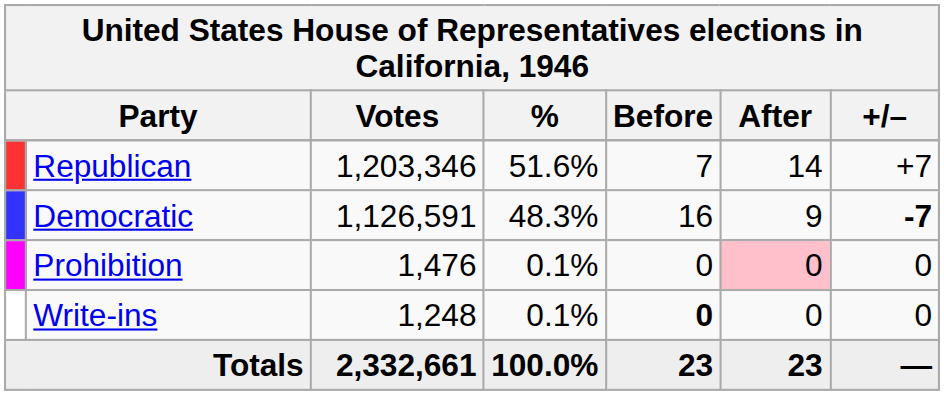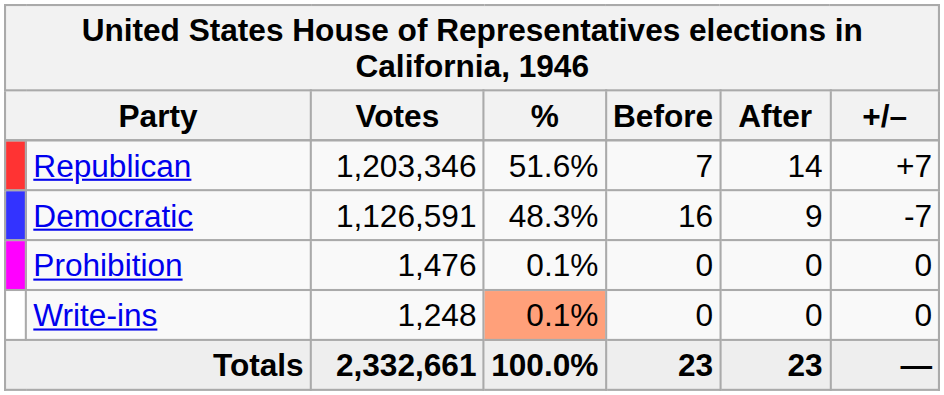 <table class="wikitable" style="font-size: 95%;">
 <tr>
 <th colspan="7">United States House of Representatives elections in California, 1946</th>
 </tr>
 <tr>
 <th colspan=2 style="width: 5em">Party</th>
 <th style="width: 5em">Votes</th>
 <th style="width: 3em">%</th>
 <th style="width: 3em">Before</th>
 <th style="width: 3em">After</th>
 <th style="width: 3em">+/–</th>
 </tr>
 <tr>
 </tr>
 <tr>
 <th style="background-color:#FF3333; width: 3px"></th>
 <td style="width: 130px"><a href='#'>Republican</a></td>
 <td align="right">1,203,346</td>
 <td align="right">51.6%</td>
 <td align="right">7</td>
 <td align="right">14</td>
 <td align="right">+7</td>
 </tr>
 <tr>
 <th style="background-color:#3333FF; width: 3px"></th>
 <td style="width: 130px"><a href='#'>Democratic</a></td>
 <td align="right">1,126,591</td>
 <td align="right">48.3%</td>
 <td align="right">16</td>
 <td align="right">9</td>
-<td align="right"><strong>-7</strong></td>
+<td align="right">-7</td>
 </tr>
 <tr>
 <th style="background-color:#FF00FF; width: 3px"></th>
 <td style="width: 130px"><a href='#'>Prohibition</a></td>
 <td align="right">1,476</td>
 <td align="right">0.1%</td>
 <td align="right">0</td>
-<td align="right" style="background: pink;">0</td>
+<td align="right">0</td>
 <td align="right">0</td>
 </tr>
 <tr>
 <th style="background-color:#FFFFFF; width: 3px"></th>
 <td style="width: 130px"><a href='#'>Write-ins</a></td>
 <td align="right">1,248</td>
-<td align="right">0.1%</td>
-<td align="right"><strong>0</strong></td>
+<td align="right" style="background: lightsalmon;">0.1%</td>
+<td align="right">0</td>
 <td align="right">0</td>
 <td align="right">0</td>
 </tr>
 <tr bgcolor="#EEEEEE">
 <td colspan="2" align="right"><strong>Totals</strong></td>
 <td align="right"><strong>2,332,661</strong></td>
 <td align="right"><strong>100.0%</strong></td>
 <td align="right"><strong>23</strong></td>
 <td align="right"><strong>23</strong></td>
 <td align="right"><strong>—</strong></td>
 </tr>
 </table>
